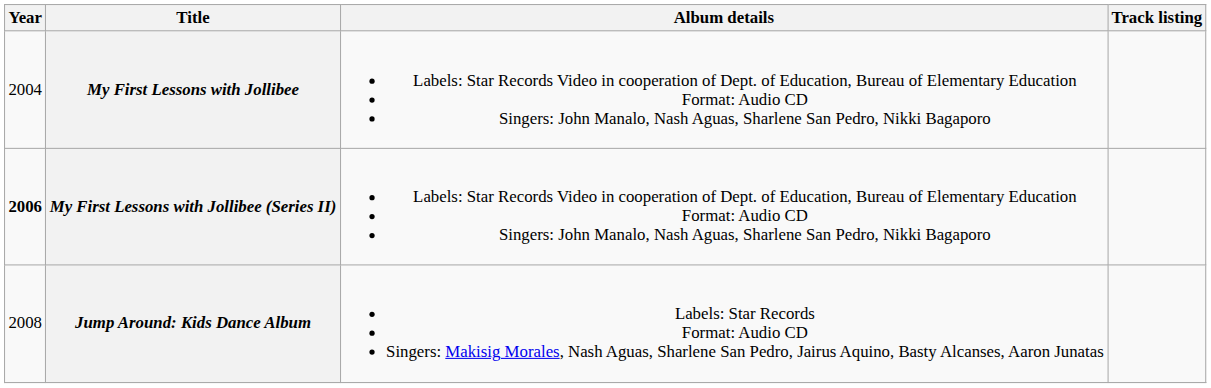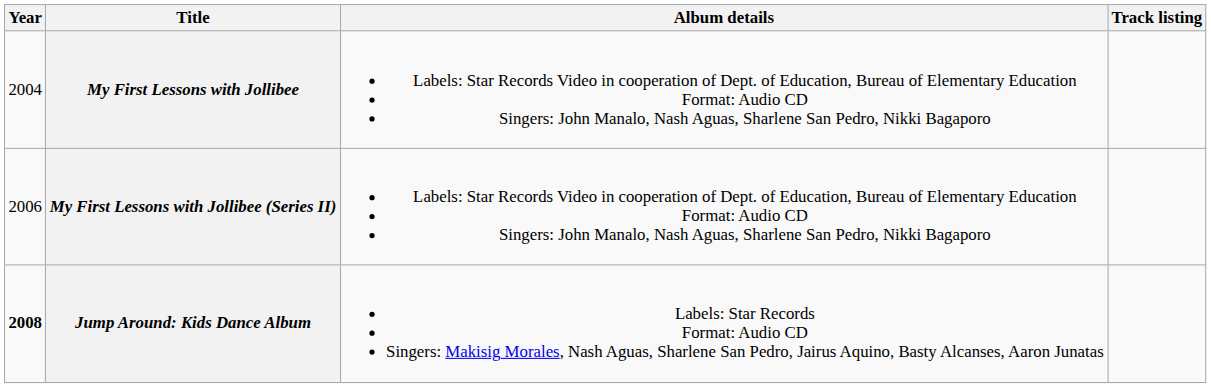 <table class="wikitable plainrowheaders" style=" text-align:center;">
 <tr>
 <th>Year</th>
 <th>Title</th>
 <th>Album details</th>
 <th>Track listing</th>
 </tr>
 <tr>
 <td>2004</td>
 <th scope=row><em>My First Lessons with Jollibee</em></th>
 <td><br><ul><li>Labels: Star Records Video in cooperation of Dept. of Education, Bureau of Elementary Education</li><li>Format: Audio CD</li><li>Singers: John Manalo, Nash Aguas, Sharlene San Pedro, Nikki Bagaporo</li></ul></td>
 <td style="font-size: 85%;"></td>
 </tr>
 <tr>
-<td><strong>2006</strong></td>
+<td>2006</td>
 <th scope=row><em>My First Lessons with Jollibee (Series II)</em></th>
 <td><br><ul><li>Labels: Star Records Video in cooperation of Dept. of Education, Bureau of Elementary Education</li><li>Format: Audio CD</li><li>Singers: John Manalo, Nash Aguas, Sharlene San Pedro, Nikki Bagaporo</li></ul></td>
 <td style="font-size: 85%;"></td>
 </tr>
 <tr>
-<td>2008</td>
+<td><strong>2008</strong></td>
 <th scope=row><em>Jump Around: Kids Dance Album</em></th>
 <td><br><ul><li>Labels: Star Records</li><li>Format: Audio CD</li><li>Singers: <a href='#'>Makisig Morales</a>, Nash Aguas, Sharlene San Pedro, Jairus Aquino, Basty Alcanses, Aaron Junatas</li></ul></td>
 <td style="font-size: 85%;"></td>
 </tr>
 <tr>
 </tr>
 </table>
